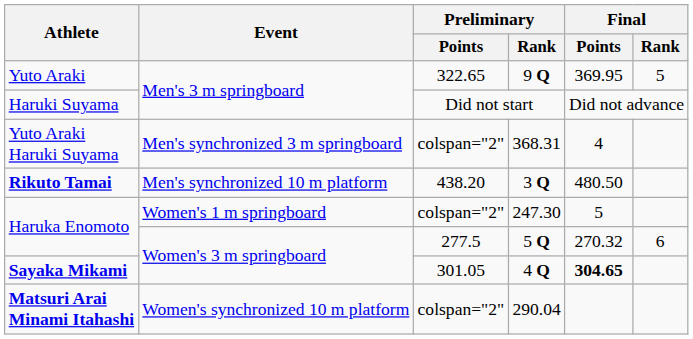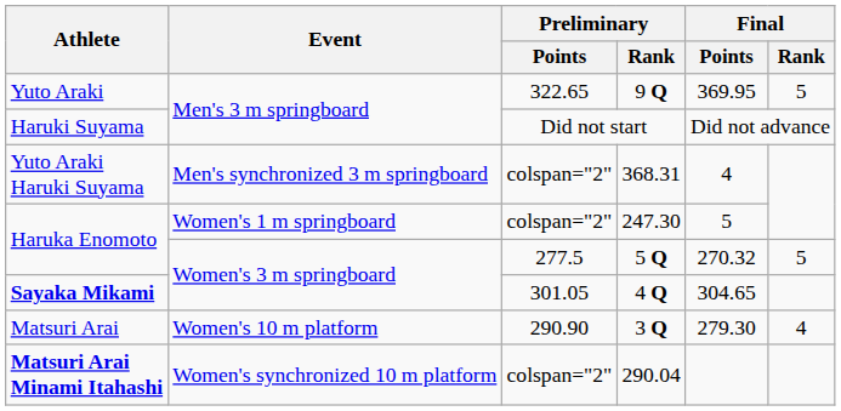 <table class=wikitable style="font-size:90%">
 <tr>
 <th rowspan="2">Athlete</th>
 <th rowspan="2">Event</th>
 <th colspan="2">Preliminary</th>
 <th colspan="2">Final</th>
 </tr>
 <tr style="font-size:95%">
 <th>Points</th>
 <th>Rank</th>
 <th>Points</th>
 <th>Rank</th>
 </tr>
 <tr align=center>
 <td align=left><a href='#'>Yuto Araki</a></td>
 <td align=left rowspan="2"><a href='#'>Men's 3 m springboard</a></td>
 <td>322.65</td>
 <td>9 <strong>Q</strong></td>
 <td>369.95</td>
 <td>5</td>
 </tr>
 <tr align=center>
 <td align=left><a href='#'>Haruki Suyama</a></td>
 <td colspan="2">Did not start</td>
 <td colspan="2">Did not advance</td>
 </tr>
 <tr align=center>
 <td align=left><a href='#'>Yuto Araki</a><br><a href='#'>Haruki Suyama</a></td>
 <td align=left><a href='#'>Men's synchronized 3 m springboard</a></td>
 <td>colspan="2" </td>
 <td>368.31</td>
 <td>4</td>
 </tr>
 <tr align=center>
-<td align=left><strong><a href='#'>Rikuto Tamai</a></strong></td>
-<td align=left><a href='#'>Men's synchronized 10 m platform</a></td>
-<td>438.20</td>
-<td>3 <strong>Q</strong></td>
-<td>480.50</td>
-<td></td>
-</tr>
-<tr align=center>
 <td align=left rowspan="2"><a href='#'>Haruka Enomoto</a></td>
 <td align=left><a href='#'>Women's 1 m springboard</a></td>
 <td>colspan="2" </td>
 <td>247.30</td>
 <td>5</td>
 </tr>
 <tr align=center>
 <td align=left rowspan="2"><a href='#'>Women's 3 m springboard</a></td>
 <td>277.5</td>
 <td>5 <strong>Q</strong></td>
 <td>270.32</td>
-<td>6</td>
+<td>5</td>
 </tr>
 <tr align=center>
 <td align=left><strong><a href='#'>Sayaka Mikami</a></strong></td>
 <td>301.05</td>
 <td>4 <strong>Q</strong></td>
-<td><strong>304.65</strong></td>
+<td>304.65</td>
 <td></td>
+</tr>
+<tr align=center>
+<td align=left><a href='#'>Matsuri Arai</a></td>
+<td align=left><a href='#'>Women's 10 m platform</a></td>
+<td>290.90</td>
+<td>3 <strong>Q</strong></td>
+<td>279.30</td>
+<td>4</td>
 </tr>
 <tr align=center>
 <td align=left><strong><a href='#'>Matsuri Arai</a><br><a href='#'>Minami Itahashi</a></strong></td>
 <td align=left><a href='#'>Women's synchronized 10 m platform</a></td>
 <td>colspan="2" </td>
 <td>290.04</td>
 <td></td>
 </tr>
 </table>
